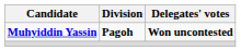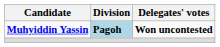 <table class="wikitable">
 <tr>
 <th>Candidate</th>
 <th>Division</th>
 <th>Delegates' votes</th>
 </tr>
 <tr>
 <td align="left"><strong><a href='#'>Muhyiddin Yassin</a></strong></td>
-<td><strong>Pagoh</strong></td>
+<td style="background: lightblue;"><strong>Pagoh</strong></td>
 <td colspan="1"><strong>Won uncontested</strong></td>
 </tr>
 <tr>
 <td colspan="4" bgcolor="dcdcdc"></td>
 </tr>
 </table>
